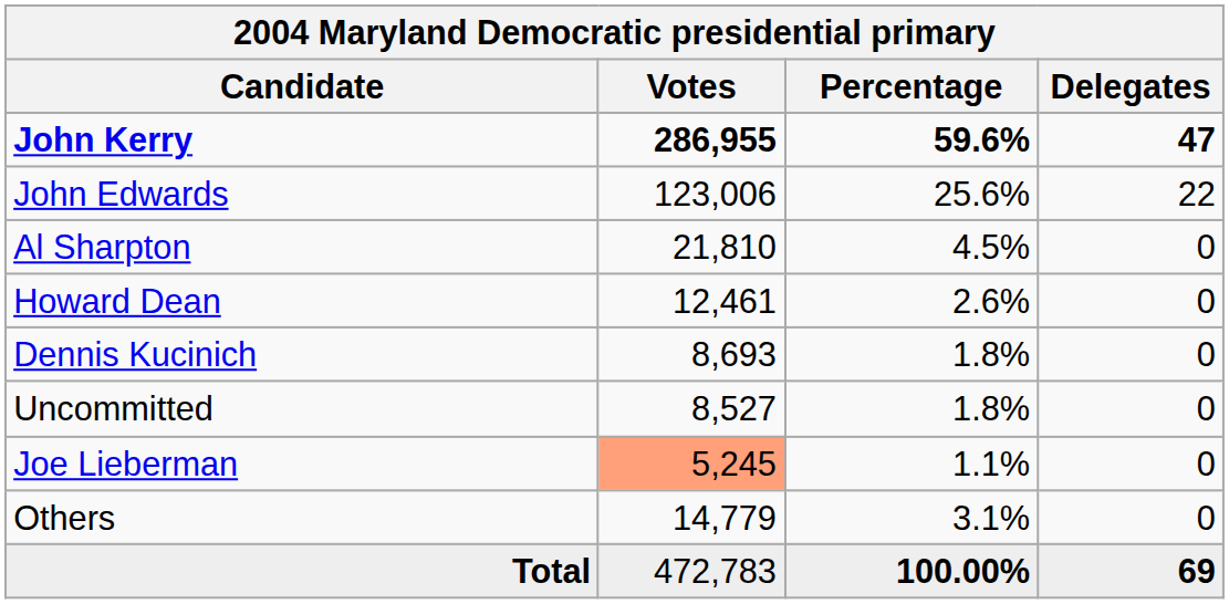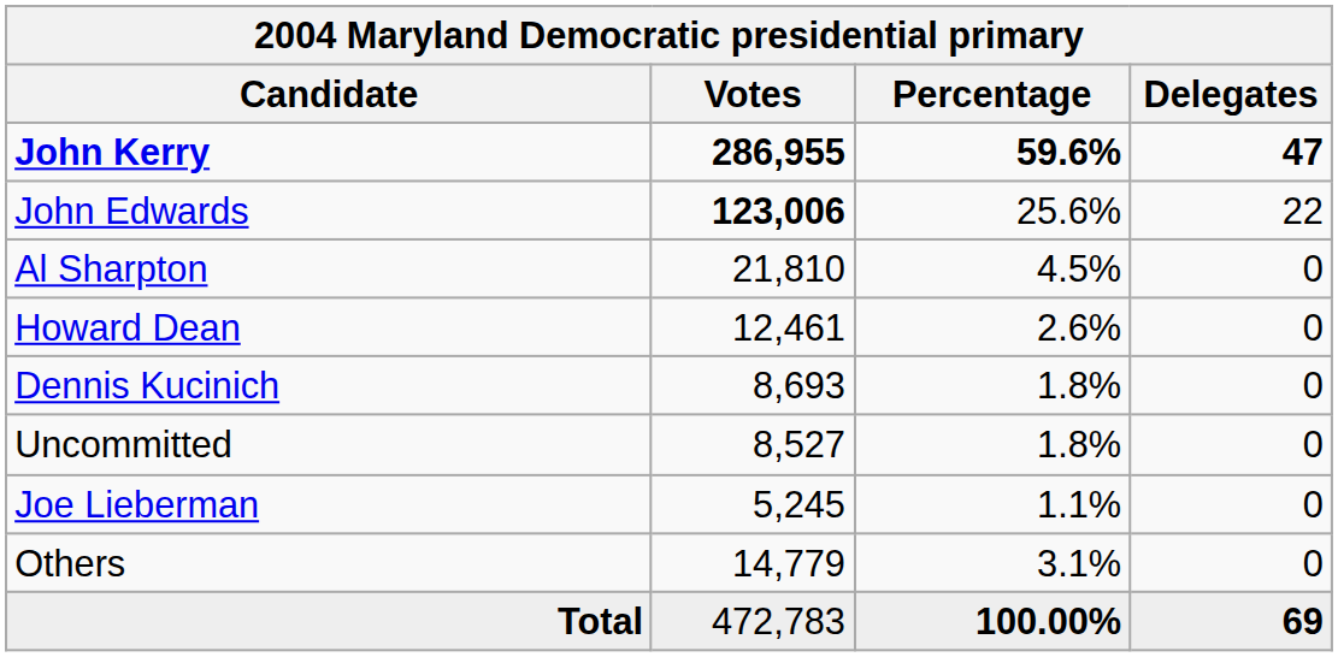 <table class="wikitable" style="font-size: 95%; text-align:right;">
 <tr>
 <th colspan="4">2004 Maryland Democratic presidential primary</th>
 </tr>
 <tr>
 <th style="width: 17em">Candidate</th>
 <th style="width: 5em">Votes</th>
 <th style="width: 7em">Percentage</th>
 <th style="width: 5em">Delegates</th>
 </tr>
 <tr>
 <td style="text-align:left;"><strong><a href='#'>John Kerry</a></strong></td>
 <td><strong>286,955</strong></td>
 <td><strong>59.6%</strong></td>
 <td><strong>47</strong></td>
 </tr>
 <tr>
 <td style="text-align:left;"><a href='#'>John Edwards</a></td>
-<td>123,006</td>
+<td><strong>123,006</strong></td>
 <td>25.6%</td>
 <td>22</td>
 </tr>
 <tr>
 <td style="text-align:left;"><a href='#'>Al Sharpton</a></td>
 <td>21,810</td>
 <td>4.5%</td>
 <td>0</td>
 </tr>
 <tr>
 <td style="text-align:left;"><a href='#'>Howard Dean</a></td>
 <td>12,461</td>
 <td>2.6%</td>
 <td>0</td>
 </tr>
 <tr>
 <td style="text-align:left;"><a href='#'>Dennis Kucinich</a></td>
 <td>8,693</td>
 <td>1.8%</td>
 <td>0</td>
 </tr>
 <tr>
 <td style="text-align:left;">Uncommitted</td>
 <td>8,527</td>
 <td>1.8%</td>
 <td>0</td>
 </tr>
 <tr>
 <td style="text-align:left;"><a href='#'>Joe Lieberman</a></td>
-<td style="background: lightsalmon;">5,245</td>
+<td>5,245</td>
 <td>1.1%</td>
 <td>0</td>
 </tr>
 <tr>
 <td style="text-align:left;">Others</td>
 <td>14,779</td>
 <td>3.1%</td>
 <td>0</td>
 </tr>
 <tr style="background:#eee;">
 <td><strong>Total</strong></td>
 <td>472,783</td>
 <td><strong>100.00%</strong></td>
 <td><strong>69</strong></td>
 </tr>
 </table>
